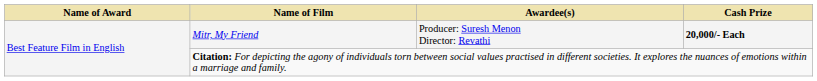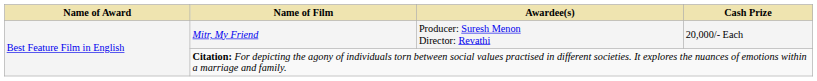 <table class="wikitable" style="width:100%">
 <tr>
 <th style="background-color:#EFE4B0;width:23%;">Name of Award</th>
 <th style="background-color:#EFE4B0;width:28%;">Name of Film</th>
 <th style="background-color:#EFE4B0;width:33%;">Awardee(s)</th>
 <th style="background-color:#EFE4B0;width:16%;">Cash Prize</th>
 </tr>
 <tr style="background-color:#F4F4F4">
 <td rowspan="2"><a href='#'>Best Feature Film in English</a></td>
 <td><em><a href='#'>Mitr, My Friend</a></em></td>
 <td>Producer: <a href='#'>Suresh Menon</a><br>Director: <a href='#'>Revathi</a></td>
-<td><strong> 20,000/- Each</strong></td>
+<td> 20,000/- Each</td>
 </tr>
 <tr style="background-color:#F9F9F9">
 <td colspan="3"><strong>Citation:</strong> <em>For depicting the agony of individuals torn between social values practised in different societies. It explores the nuances of emotions within a marriage and family.</em></td>
 </tr>
 </table>
